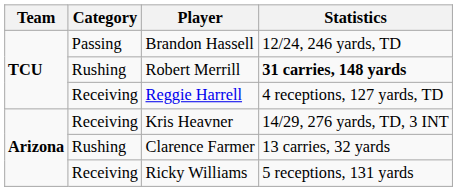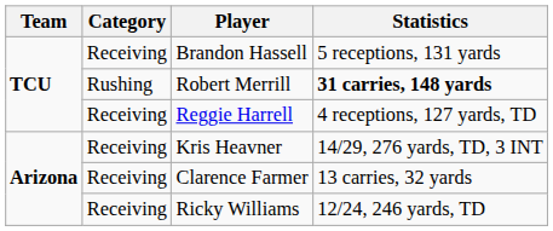 <table class="wikitable" style="float: right;">
 <tr>
 <th>Team</th>
 <th>Category</th>
 <th>Player</th>
 <th>Statistics</th>
 </tr>
 <tr>
 <td rowspan=3><strong>TCU</strong></td>
-<td>Passing</td>
+<td>Receiving</td>
 <td>Brandon Hassell</td>
-<td>12/24, 246 yards, TD</td>
+<td>5 receptions, 131 yards</td>
 </tr>
 <tr>
 <td>Rushing</td>
 <td>Robert Merrill</td>
 <td><strong>31 carries, 148 yards</strong></td>
 </tr>
 <tr>
 <td>Receiving</td>
 <td><a href='#'>Reggie Harrell</a></td>
 <td>4 receptions, 127 yards, TD</td>
 </tr>
 <tr>
 <td rowspan=3><strong>Arizona</strong></td>
 <td>Receiving</td>
 <td>Kris Heavner</td>
 <td>14/29, 276 yards, TD, 3 INT</td>
 </tr>
 <tr>
-<td>Rushing</td>
+<td>Receiving</td>
 <td>Clarence Farmer</td>
 <td>13 carries, 32 yards</td>
 </tr>
 <tr>
 <td>Receiving</td>
 <td>Ricky Williams</td>
-<td>5 receptions, 131 yards</td>
+<td>12/24, 246 yards, TD</td>
 </tr>
 </table>
